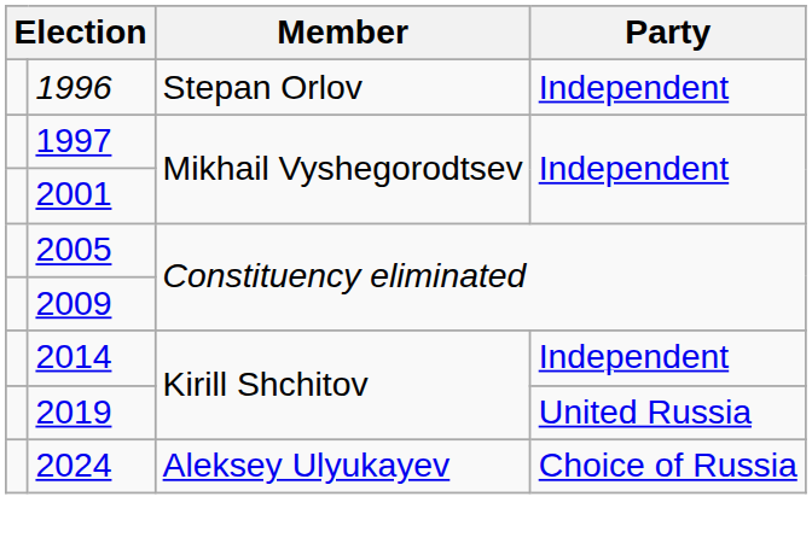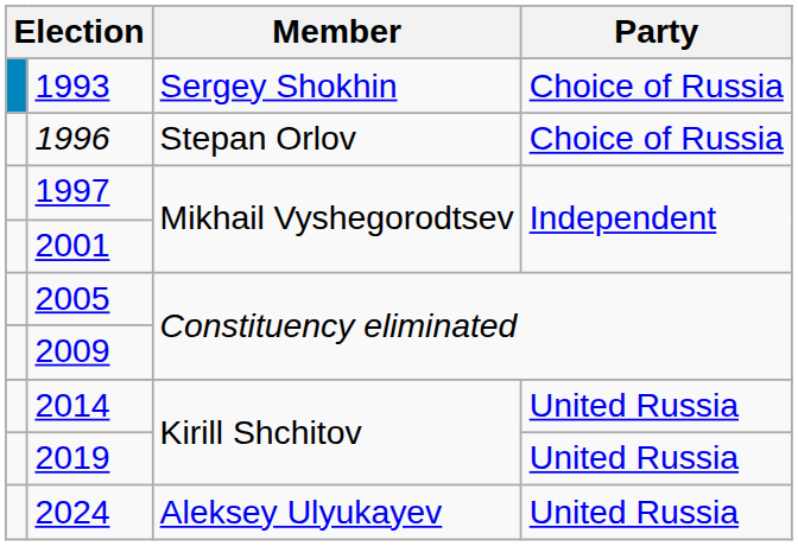 <table class="wikitable">
 <tr>
 <th colspan="2">Election</th>
 <th>Member</th>
 <th>Party</th>
 </tr>
 <tr>
+<td style="background-color:#0085BE"></td>
+<td><a href='#'>1993</a></td>
+<td><a href='#'>Sergey Shokhin</a></td>
+<td><a href='#'>Choice of Russia</a></td>
+</tr>
+<tr>
 <td style="background-color:"></td>
 <td><em>1996</em></td>
 <td>Stepan Orlov</td>
-<td><a href='#'>Independent</a></td>
+<td><a href='#'>Choice of Russia</a></td>
 </tr>
 <tr>
 <td style="background-color:"></td>
 <td><a href='#'>1997</a></td>
 <td rowspan=2>Mikhail Vyshegorodtsev</td>
 <td rowspan=2><a href='#'>Independent</a></td>
 </tr>
 <tr>
 <td style="background-color:"></td>
 <td><a href='#'>2001</a></td>
 </tr>
 <tr>
 <td style="background-color:"></td>
 <td><a href='#'>2005</a></td>
 <td colspan=2 rowspan=2><em>Constituency eliminated</em></td>
 </tr>
 <tr>
 <td style="background-color:"></td>
 <td><a href='#'>2009</a></td>
 </tr>
 <tr>
 <td style="background-color:"></td>
 <td><a href='#'>2014</a></td>
 <td rowspan=2>Kirill Shchitov</td>
-<td><a href='#'>Independent</a></td>
+<td><a href='#'>United Russia</a></td>
 </tr>
 <tr>
 <td style="background-color:"></td>
 <td><a href='#'>2019</a></td>
 <td><a href='#'>United Russia</a></td>
 </tr>
 <tr>
 <td style="background-color:"></td>
 <td><a href='#'>2024</a></td>
 <td><a href='#'>Aleksey Ulyukayev</a></td>
-<td><a href='#'>Choice of Russia</a></td>
+<td><a href='#'>United Russia</a></td>
 </tr>
 </table>
